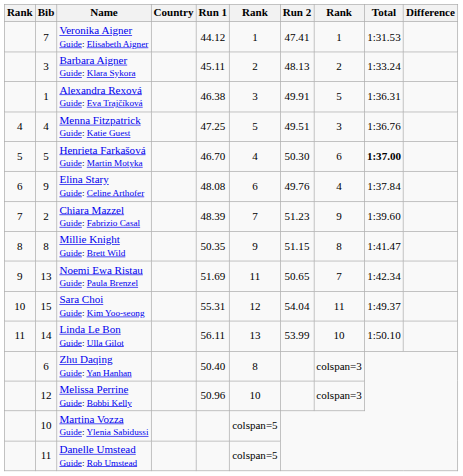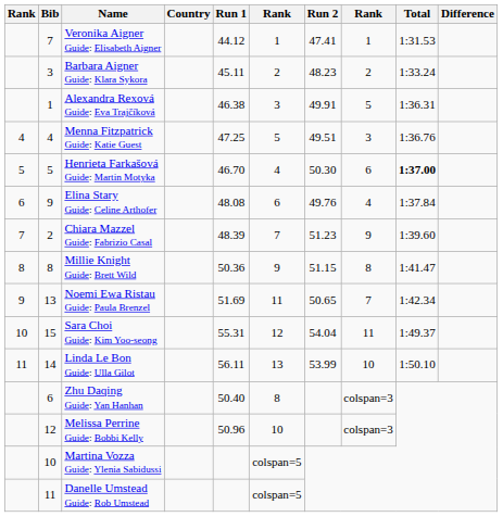 <table class="wikitable sortable" style="text-align:center">
 <tr>
 <th>Rank</th>
 <th>Bib</th>
 <th>Name</th>
 <th>Country</th>
 <th>Run 1</th>
 <th>Rank</th>
 <th>Run 2</th>
 <th>Rank</th>
 <th>Total</th>
 <th>Difference</th>
 </tr>
 <tr>
 <td></td>
 <td>7</td>
 <td align="left"><a href='#'>Veronika Aigner</a><br><small><a href='#'>Guide</a>: <a href='#'>Elisabeth Aigner</a> </small></td>
 <td align="left"></td>
 <td>44.12</td>
 <td>1</td>
 <td>47.41</td>
 <td>1</td>
 <td>1:31.53</td>
 <td></td>
 </tr>
 <tr>
 <td></td>
 <td>3</td>
 <td align="left"><a href='#'>Barbara Aigner</a><br><small><a href='#'>Guide</a>: <a href='#'>Klara Sykora</a> </small></td>
 <td align="left"></td>
 <td>45.11</td>
 <td>2</td>
-<td>48.13</td>
+<td>48.23</td>
 <td>2</td>
 <td>1:33.24</td>
 <td></td>
 </tr>
 <tr>
 <td></td>
 <td>1</td>
 <td align="left"><a href='#'>Alexandra Rexová</a><br><small><a href='#'>Guide</a>: <a href='#'>Eva Trajčíková</a> </small></td>
 <td align="left"></td>
 <td>46.38</td>
 <td>3</td>
 <td>49.91</td>
 <td>5</td>
 <td>1:36.31</td>
 <td></td>
 </tr>
 <tr>
 <td>4</td>
 <td>4</td>
 <td align="left"><a href='#'>Menna Fitzpatrick</a><br><small><a href='#'>Guide</a>: <a href='#'>Katie Guest</a> </small></td>
 <td align="left"></td>
 <td>47.25</td>
 <td>5</td>
 <td>49.51</td>
 <td>3</td>
 <td>1:36.76</td>
 <td></td>
 </tr>
 <tr>
 <td>5</td>
 <td>5</td>
 <td align="left"><a href='#'>Henrieta Farkašová</a><br><small><a href='#'>Guide</a>: <a href='#'>Martin Motyka</a> </small></td>
 <td align="left"></td>
 <td>46.70</td>
 <td>4</td>
 <td>50.30</td>
 <td>6</td>
 <td><strong>1:37.00</strong></td>
 <td></td>
 </tr>
 <tr>
 <td>6</td>
 <td>9</td>
 <td align="left"><a href='#'>Elina Stary</a><br><small><a href='#'>Guide</a>: <a href='#'>Celine Arthofer</a> </small></td>
 <td align="left"></td>
 <td>48.08</td>
 <td>6</td>
 <td>49.76</td>
 <td>4</td>
 <td>1:37.84</td>
 <td></td>
 </tr>
 <tr>
 <td>7</td>
 <td>2</td>
 <td align="left"><a href='#'>Chiara Mazzel</a><br><small><a href='#'>Guide</a>: <a href='#'>Fabrizio Casal</a> </small></td>
 <td align="left"></td>
 <td>48.39</td>
 <td>7</td>
 <td>51.23</td>
 <td>9</td>
 <td>1:39.60</td>
 <td></td>
 </tr>
 <tr>
 <td>8</td>
 <td>8</td>
 <td align="left"><a href='#'>Millie Knight</a><br><small><a href='#'>Guide</a>: <a href='#'>Brett Wild</a> </small></td>
 <td align="left"></td>
-<td>50.35</td>
+<td>50.36</td>
 <td>9</td>
 <td>51.15</td>
 <td>8</td>
 <td>1:41.47</td>
 <td></td>
 </tr>
 <tr>
 <td>9</td>
 <td>13</td>
 <td align="left"><a href='#'>Noemi Ewa Ristau</a><br><small><a href='#'>Guide</a>: <a href='#'>Paula Brenzel</a> </small></td>
 <td align="left"></td>
 <td>51.69</td>
 <td>11</td>
 <td>50.65</td>
 <td>7</td>
 <td>1:42.34</td>
 <td></td>
 </tr>
 <tr>
 <td>10</td>
 <td>15</td>
 <td align="left"><a href='#'>Sara Choi</a><br><small><a href='#'>Guide</a>: <a href='#'>Kim Yoo-seong</a> </small></td>
 <td align="left"></td>
 <td>55.31</td>
 <td>12</td>
 <td>54.04</td>
 <td>11</td>
 <td>1:49.37</td>
 <td></td>
 </tr>
 <tr>
 <td>11</td>
 <td>14</td>
 <td align="left"><a href='#'>Linda Le Bon</a><br><small><a href='#'>Guide</a>: <a href='#'>Ulla Gilot</a> </small></td>
 <td align="left"></td>
 <td>56.11</td>
 <td>13</td>
 <td>53.99</td>
 <td>10</td>
 <td>1:50.10</td>
 <td></td>
 </tr>
 <tr>
 <td></td>
 <td>6</td>
 <td align="left"><a href='#'>Zhu Daqing</a><br><small><a href='#'>Guide</a>: <a href='#'>Yan Hanhan</a> </small></td>
 <td align="left"></td>
 <td>50.40</td>
 <td>8</td>
 <td></td>
 <td>colspan=3 </td>
 </tr>
 <tr>
 <td></td>
 <td>12</td>
 <td align="left"><a href='#'>Melissa Perrine</a><br><small><a href='#'>Guide</a>: <a href='#'>Bobbi Kelly</a> </small></td>
 <td align="left"></td>
 <td>50.96</td>
 <td>10</td>
 <td></td>
 <td>colspan=3 </td>
 </tr>
 <tr>
 <td></td>
 <td>10</td>
 <td align="left"><a href='#'>Martina Vozza</a><br><small><a href='#'>Guide</a>: <a href='#'>Ylenia Sabidussi</a> </small></td>
 <td align="left"></td>
 <td></td>
 <td>colspan=5 </td>
 </tr>
 <tr>
 <td></td>
 <td>11</td>
 <td align="left"><a href='#'>Danelle Umstead</a><br><small><a href='#'>Guide</a>: <a href='#'>Rob Umstead</a> </small></td>
 <td align="left"></td>
 <td></td>
 <td>colspan=5 </td>
 </tr>
 </table>
